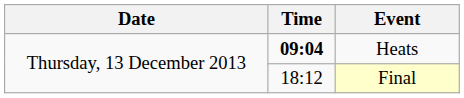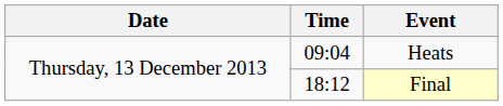 <table class = "wikitable" style="text-align:center;">
 <tr>
 <th width=220>Date</th>
 <th width=50>Time</th>
 <th width=100>Event</th>
 </tr>
 <tr>
 <td rowspan=2>Thursday, 13 December 2013</td>
-<td><strong>09:04</strong></td>
+<td>09:04</td>
 <td>Heats</td>
 </tr>
 <tr>
 <td>18:12</td>
 <td bgcolor=ffffcc>Final</td>
 </tr>
 </table>
